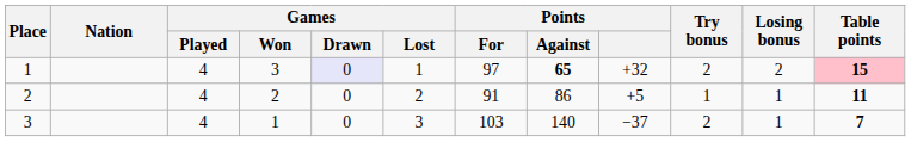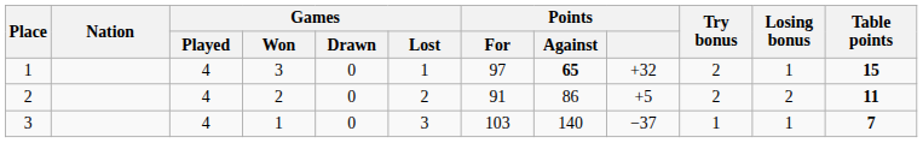 <table class="wikitable" style="text-align:center">
 <tr>
 <th rowspan="2" style="width:5%">Place</th>
 <th rowspan="2">Nation</th>
 <th colspan="4" style="width:32%">Games</th>
 <th colspan="3" style="width:18%">Points</th>
 <th rowspan="2" style="width:8%">Try<br>bonus</th>
 <th rowspan="2" style="width:8%">Losing<br>bonus</th>
 <th rowspan="2" style="width:10%">Table<br>points</th>
 </tr>
 <tr>
 <th style="width:8%">Played</th>
 <th style="width:8%">Won</th>
 <th style="width:8%">Drawn</th>
 <th style="width:8%">Lost</th>
 <th style="width:8%">For</th>
 <th style="width:8%">Against</th>
 <th style="width:8%"></th>
 </tr>
 <tr>
 <td>1</td>
 <td align=left></td>
 <td>4</td>
 <td>3</td>
-<td style="background: lavender;">0</td>
+<td>0</td>
 <td>1</td>
 <td>97</td>
 <td><strong>65</strong></td>
 <td>+32</td>
 <td>2</td>
-<td>2</td>
-<td style="background: pink;"><strong>15</strong></td>
+<td>1</td>
+<td><strong>15</strong></td>
 </tr>
 <tr>
 <td>2</td>
 <td align=left></td>
 <td>4</td>
 <td>2</td>
 <td>0</td>
 <td>2</td>
 <td>91</td>
 <td>86</td>
 <td>+5</td>
-<td>1</td>
-<td>1</td>
+<td>2</td>
+<td>2</td>
 <td><strong>11</strong></td>
 </tr>
 <tr>
 <td>3</td>
 <td align=left></td>
 <td>4</td>
 <td>1</td>
 <td>0</td>
 <td>3</td>
 <td>103</td>
 <td>140</td>
 <td>−37</td>
-<td>2</td>
+<td>1</td>
 <td>1</td>
 <td><strong>7</strong></td>
 </tr>
 </table>
